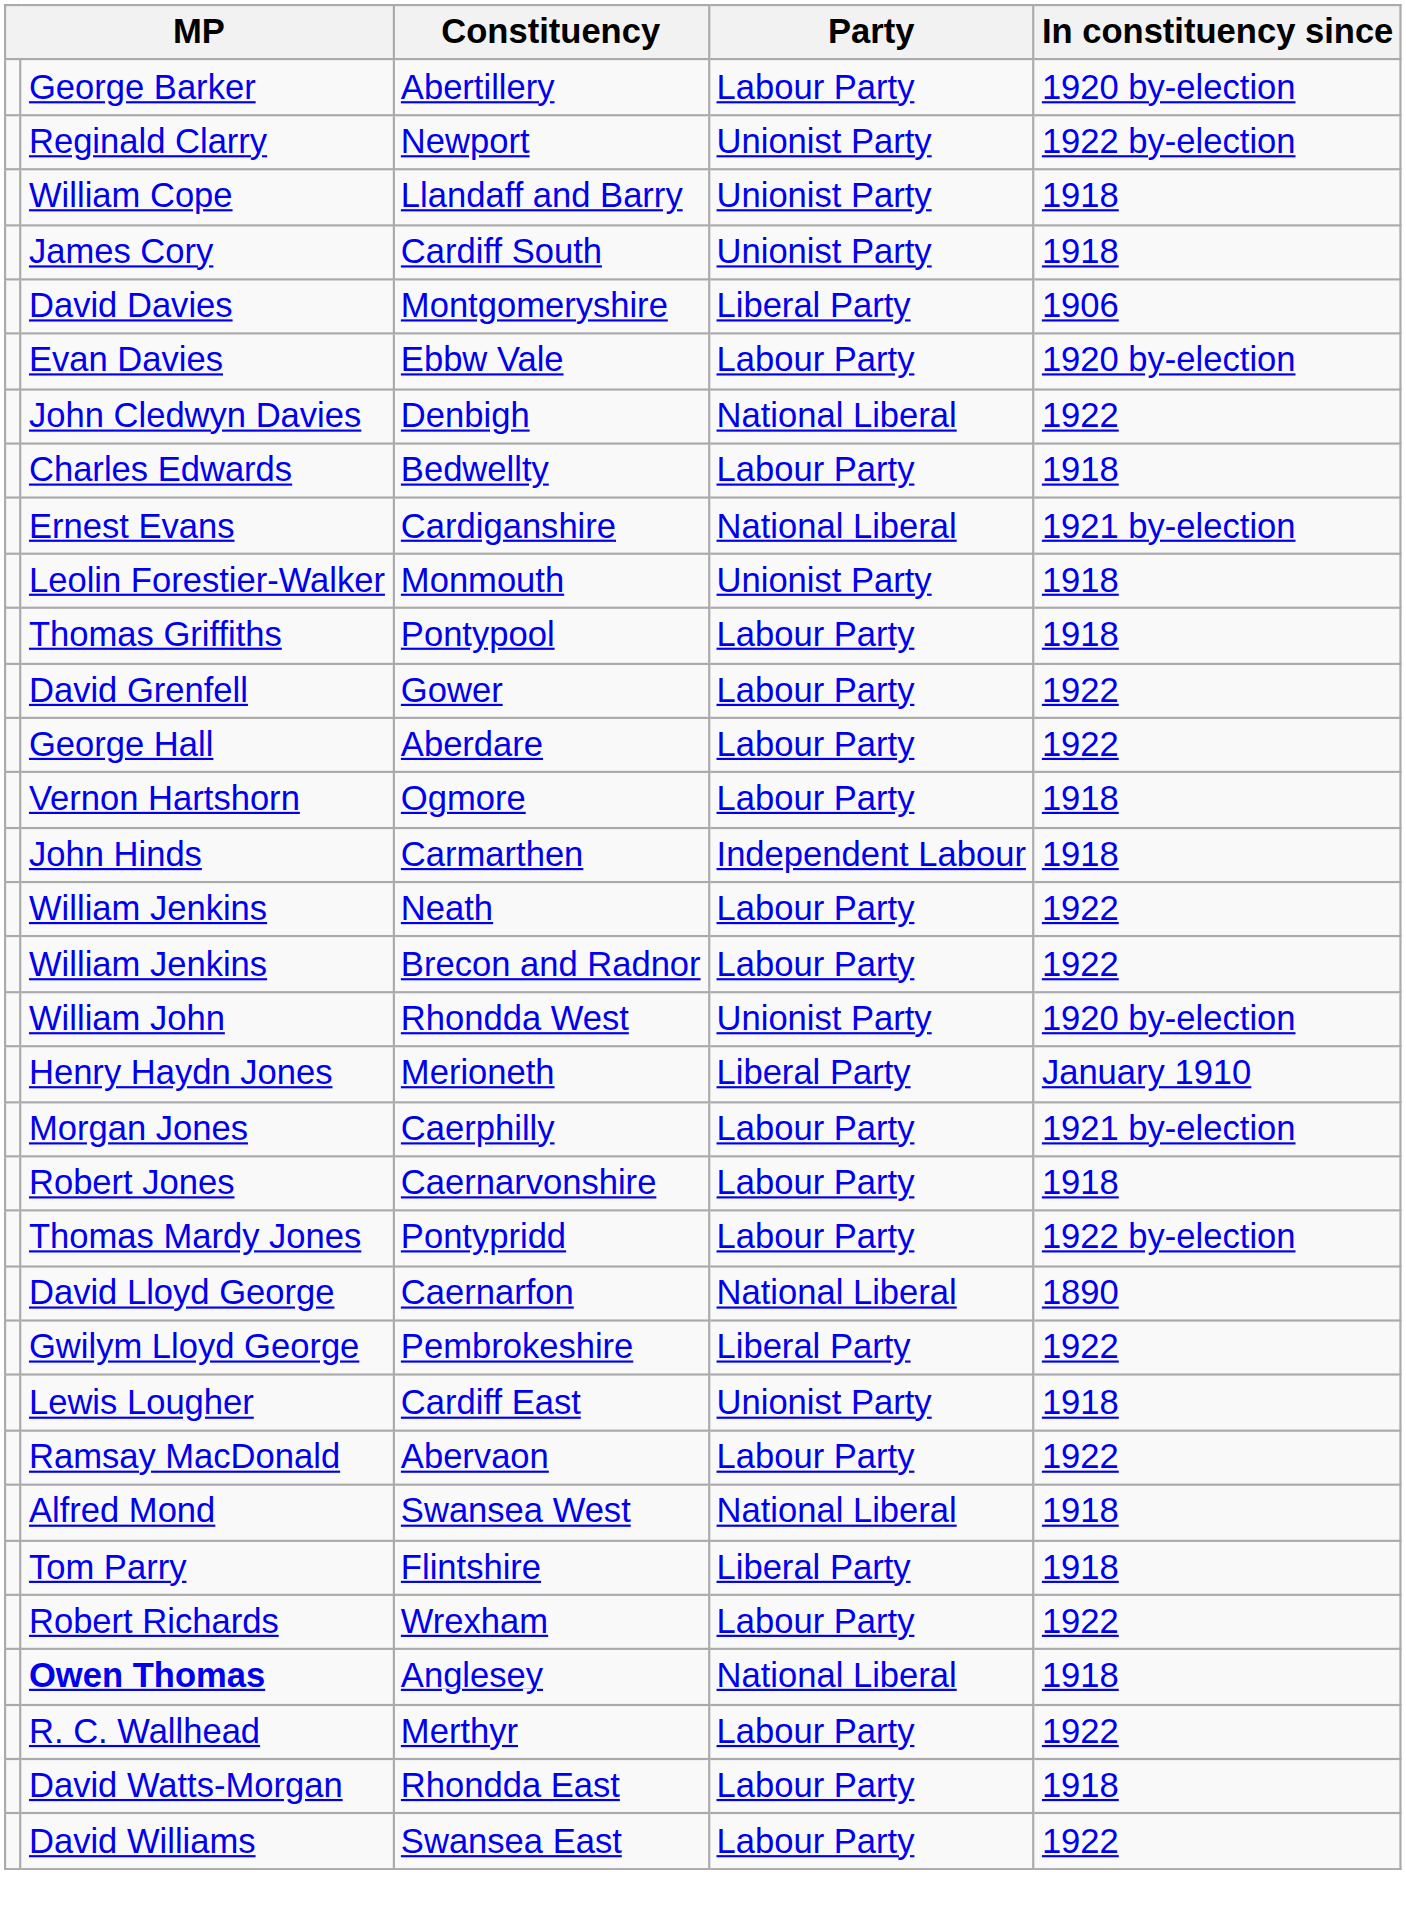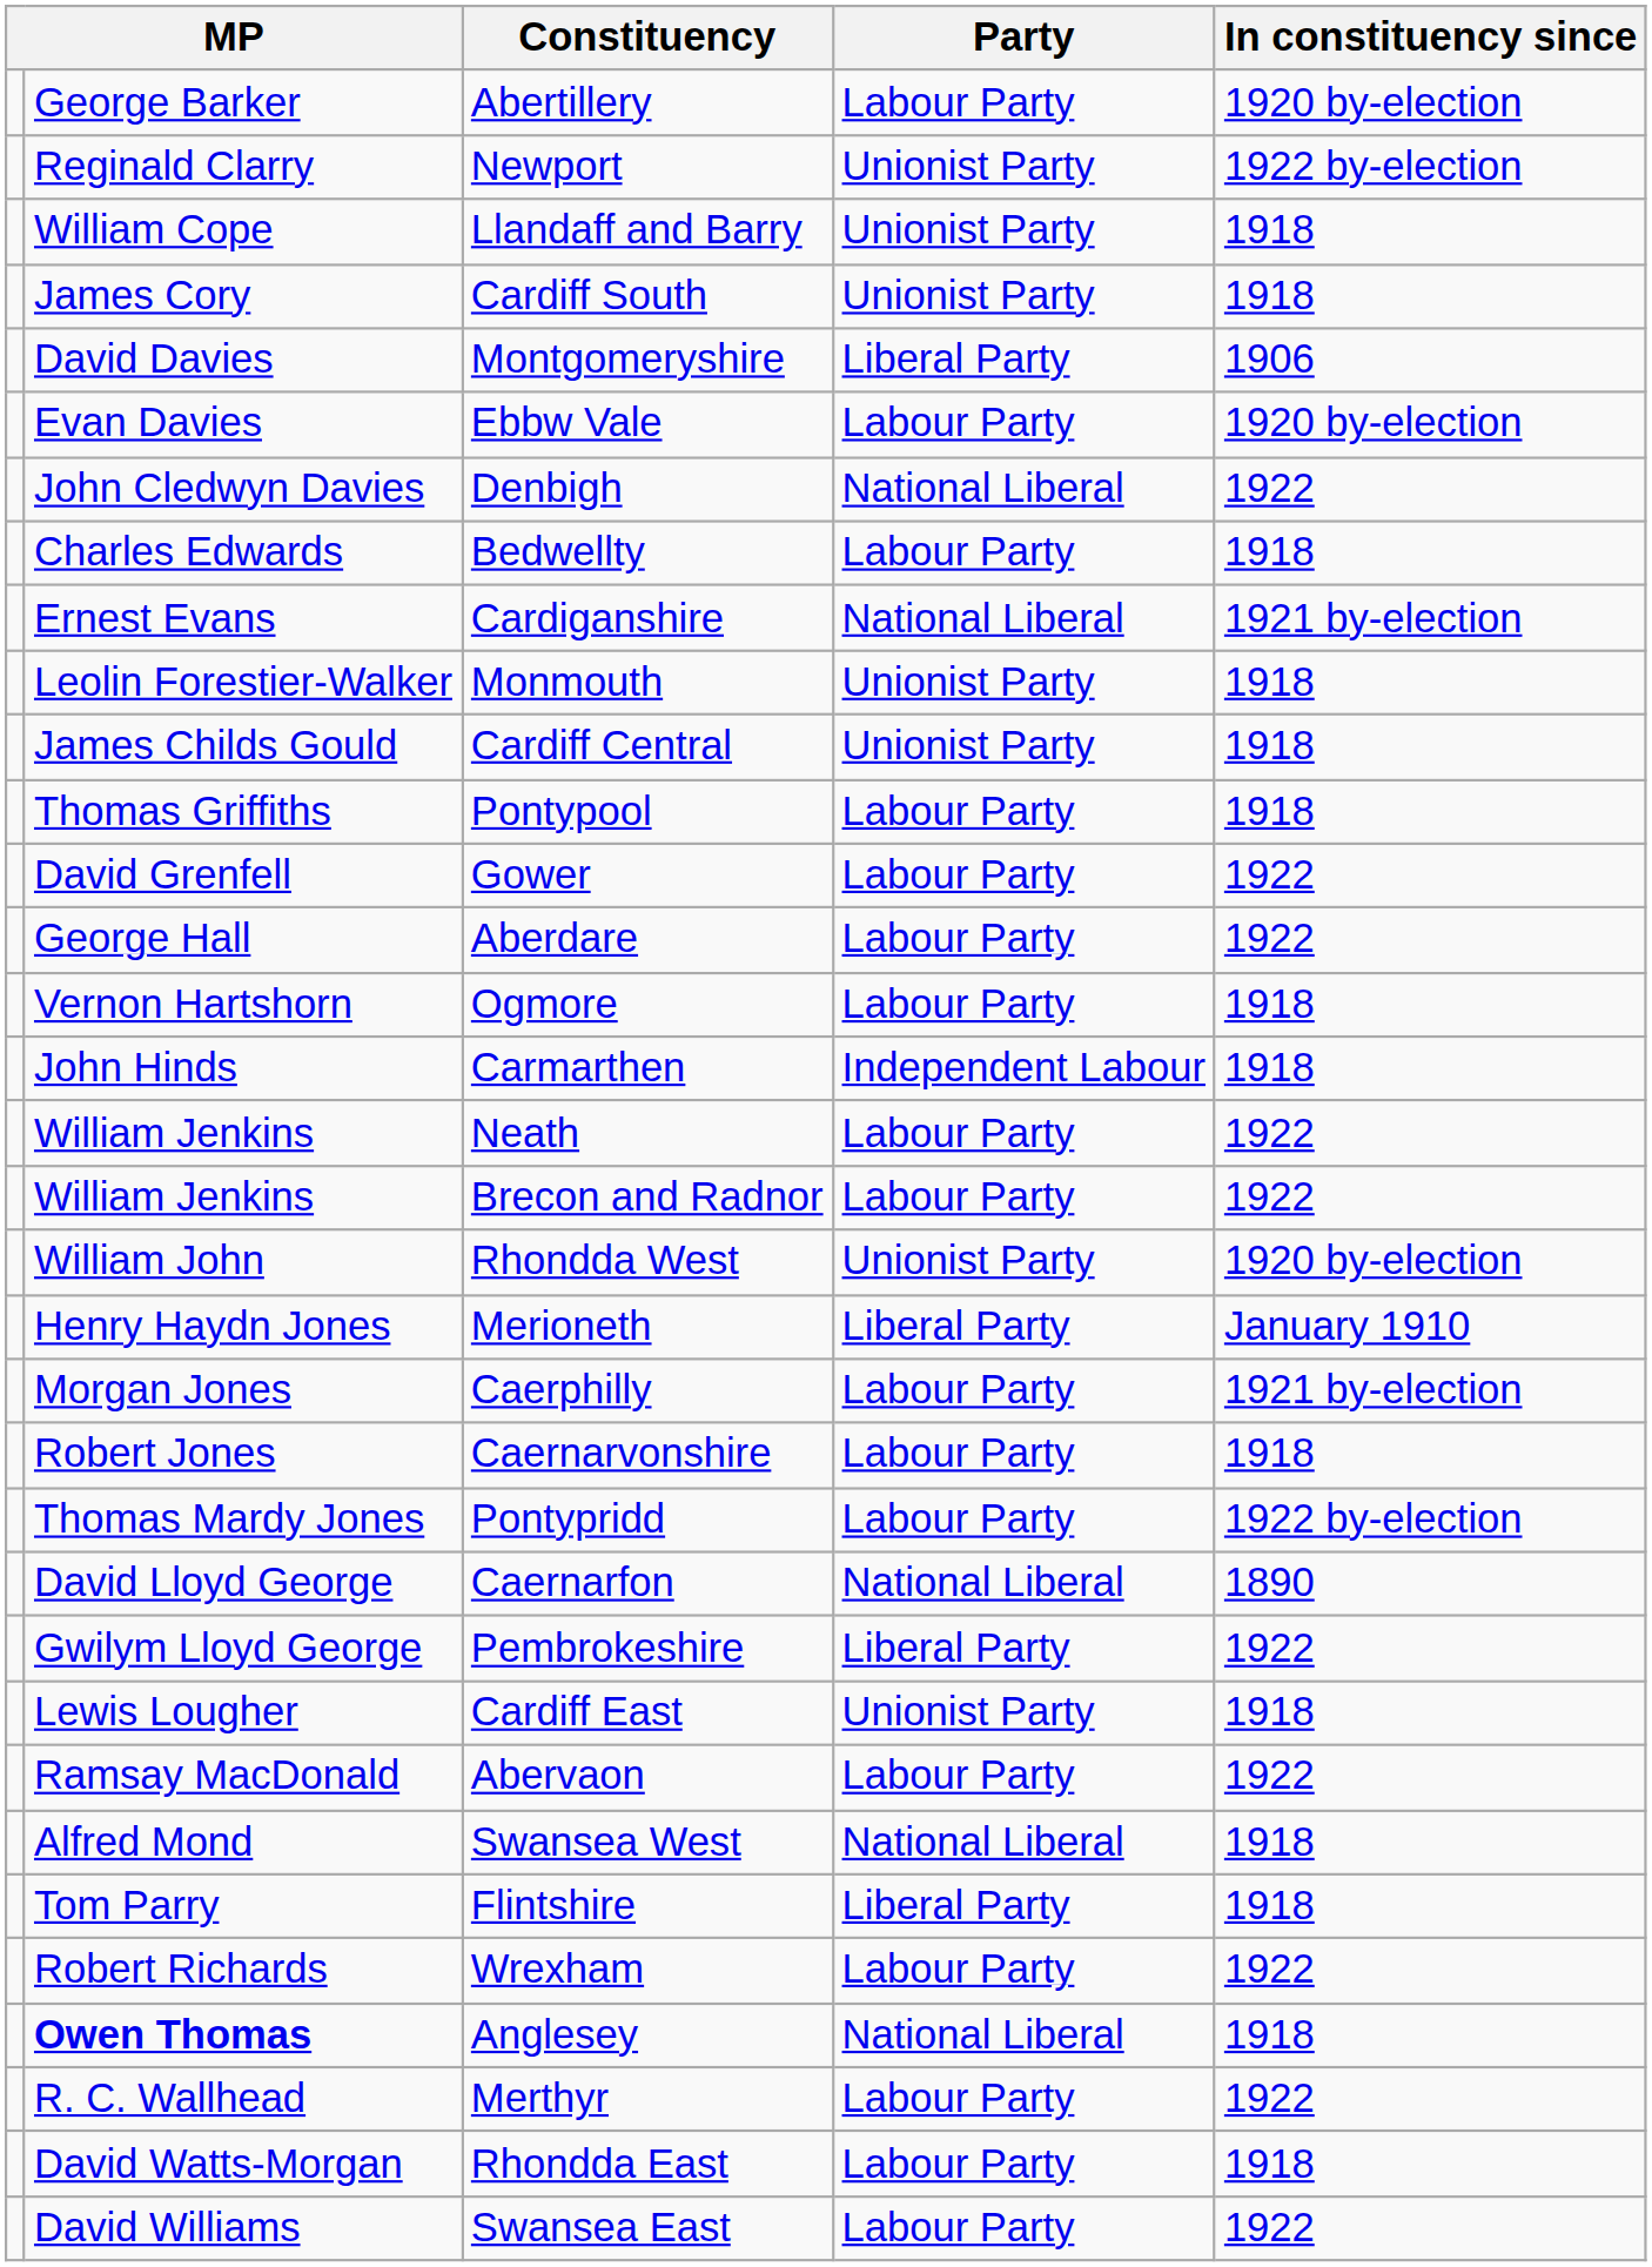 <table class="wikitable sortable">
 <tr>
 <th colspan="2">MP</th>
 <th>Constituency</th>
 <th>Party</th>
 <th>In constituency since</th>
 </tr>
 <tr>
 <td style="color:inherit;background-color: "></td>
 <td><a href='#'>George Barker</a></td>
 <td><a href='#'>Abertillery</a></td>
 <td><a href='#'>Labour Party</a></td>
 <td><a href='#'>1920 by-election</a></td>
 </tr>
 <tr>
 <td style="color:inherit;background-color: "></td>
 <td><a href='#'>Reginald Clarry</a></td>
 <td><a href='#'>Newport</a></td>
 <td><a href='#'>Unionist Party</a></td>
 <td><a href='#'>1922 by-election</a></td>
 </tr>
 <tr>
 <td style="color:inherit;background-color: "></td>
 <td><a href='#'>William Cope</a></td>
 <td><a href='#'>Llandaff and Barry</a></td>
 <td><a href='#'>Unionist Party</a></td>
 <td><a href='#'>1918</a></td>
 </tr>
 <tr>
 <td style="color:inherit;background-color: "></td>
 <td><a href='#'>James Cory</a></td>
 <td><a href='#'>Cardiff South</a></td>
 <td><a href='#'>Unionist Party</a></td>
 <td><a href='#'>1918</a></td>
 </tr>
 <tr>
 <td style="color:inherit;background-color: "></td>
 <td><a href='#'>David Davies</a></td>
 <td><a href='#'>Montgomeryshire</a></td>
 <td><a href='#'>Liberal Party</a></td>
 <td><a href='#'>1906</a></td>
 </tr>
 <tr>
 <td style="color:inherit;background-color: "></td>
 <td><a href='#'>Evan Davies</a></td>
 <td><a href='#'>Ebbw Vale</a></td>
 <td><a href='#'>Labour Party</a></td>
 <td><a href='#'>1920 by-election</a></td>
 </tr>
 <tr>
 <td style="color:inherit;background-color: "></td>
 <td><a href='#'>John Cledwyn Davies</a></td>
 <td><a href='#'>Denbigh</a></td>
 <td><a href='#'>National Liberal</a></td>
 <td><a href='#'>1922</a></td>
 </tr>
 <tr>
 <td style="color:inherit;background-color: "></td>
 <td><a href='#'>Charles Edwards</a></td>
 <td><a href='#'>Bedwellty</a></td>
 <td><a href='#'>Labour Party</a></td>
 <td><a href='#'>1918</a></td>
 </tr>
 <tr>
 <td style="color:inherit;background-color: "></td>
 <td><a href='#'>Ernest Evans</a></td>
 <td><a href='#'>Cardiganshire</a></td>
 <td><a href='#'>National Liberal</a></td>
 <td><a href='#'>1921 by-election</a></td>
 </tr>
 <tr>
 <td style="color:inherit;background-color: "></td>
 <td><a href='#'>Leolin Forestier-Walker</a></td>
 <td><a href='#'>Monmouth</a></td>
+<td><a href='#'>Unionist Party</a></td>
+<td><a href='#'>1918</a></td>
+</tr>
+<tr>
+<td style="color:inherit;background-color: "></td>
+<td><a href='#'>James Childs Gould</a></td>
+<td><a href='#'>Cardiff Central</a></td>
 <td><a href='#'>Unionist Party</a></td>
 <td><a href='#'>1918</a></td>
 </tr>
 <tr>
 <td style="color:inherit;background-color: "></td>
 <td><a href='#'>Thomas Griffiths</a></td>
 <td><a href='#'>Pontypool</a></td>
 <td><a href='#'>Labour Party</a></td>
 <td><a href='#'>1918</a></td>
 </tr>
 <tr>
 <td style="color:inherit;background-color: "></td>
 <td><a href='#'>David Grenfell</a></td>
 <td><a href='#'>Gower</a></td>
 <td><a href='#'>Labour Party</a></td>
 <td><a href='#'>1922</a></td>
 </tr>
 <tr>
 <td style="color:inherit;background-color: "></td>
 <td><a href='#'>George Hall</a></td>
 <td><a href='#'>Aberdare</a></td>
 <td><a href='#'>Labour Party</a></td>
 <td><a href='#'>1922</a></td>
 </tr>
 <tr>
 <td style="color:inherit;background-color: "></td>
 <td><a href='#'>Vernon Hartshorn</a></td>
 <td><a href='#'>Ogmore</a></td>
 <td><a href='#'>Labour Party</a></td>
 <td><a href='#'>1918</a></td>
 </tr>
 <tr>
 <td style="color:inherit;background-color: "></td>
 <td><a href='#'>John Hinds</a></td>
 <td><a href='#'>Carmarthen</a></td>
 <td><a href='#'>Independent Labour</a></td>
 <td><a href='#'>1918</a></td>
 </tr>
 <tr>
 <td style="color:inherit;background-color: "></td>
 <td><a href='#'>William Jenkins</a></td>
 <td><a href='#'>Neath</a></td>
 <td><a href='#'>Labour Party</a></td>
 <td><a href='#'>1922</a></td>
 </tr>
 <tr>
 <td style="color:inherit;background-color: "></td>
 <td><a href='#'>William Jenkins</a></td>
 <td><a href='#'>Brecon and Radnor</a></td>
 <td><a href='#'>Labour Party</a></td>
 <td><a href='#'>1922</a></td>
 </tr>
 <tr>
 <td style="color:inherit;background-color: "></td>
 <td><a href='#'>William John</a></td>
 <td><a href='#'>Rhondda West</a></td>
 <td><a href='#'>Unionist Party</a></td>
 <td><a href='#'>1920 by-election</a></td>
 </tr>
 <tr>
 <td style="color:inherit;background-color: "></td>
 <td><a href='#'>Henry Haydn Jones</a></td>
 <td><a href='#'>Merioneth</a></td>
 <td><a href='#'>Liberal Party</a></td>
 <td><a href='#'>January 1910</a></td>
 </tr>
 <tr>
 <td style="color:inherit;background-color: "></td>
 <td><a href='#'>Morgan Jones</a></td>
 <td><a href='#'>Caerphilly</a></td>
 <td><a href='#'>Labour Party</a></td>
 <td><a href='#'>1921 by-election</a></td>
 </tr>
 <tr>
 <td style="color:inherit;background-color: "></td>
 <td><a href='#'>Robert Jones</a></td>
 <td><a href='#'>Caernarvonshire</a></td>
 <td><a href='#'>Labour Party</a></td>
 <td><a href='#'>1918</a></td>
 </tr>
 <tr>
 <td style="color:inherit;background-color: "></td>
 <td><a href='#'>Thomas Mardy Jones</a></td>
 <td><a href='#'>Pontypridd</a></td>
 <td><a href='#'>Labour Party</a></td>
 <td><a href='#'>1922 by-election</a></td>
 </tr>
 <tr>
 <td style="color:inherit;background-color: "></td>
 <td><a href='#'>David Lloyd George</a></td>
 <td><a href='#'>Caernarfon</a></td>
 <td><a href='#'>National Liberal</a></td>
 <td><a href='#'>1890</a></td>
 </tr>
 <tr>
 <td style="color:inherit;background-color: "></td>
 <td><a href='#'>Gwilym Lloyd George</a></td>
 <td><a href='#'>Pembrokeshire</a></td>
 <td><a href='#'>Liberal Party</a></td>
 <td><a href='#'>1922</a></td>
 </tr>
 <tr>
 <td style="color:inherit;background-color: "></td>
 <td><a href='#'>Lewis Lougher</a></td>
 <td><a href='#'>Cardiff East</a></td>
 <td><a href='#'>Unionist Party</a></td>
 <td><a href='#'>1918</a></td>
 </tr>
 <tr>
 <td style="color:inherit;background-color: "></td>
 <td><a href='#'>Ramsay MacDonald</a></td>
 <td><a href='#'>Abervaon</a></td>
 <td><a href='#'>Labour Party</a></td>
 <td><a href='#'>1922</a></td>
 </tr>
 <tr>
 <td style="color:inherit;background-color: "></td>
 <td><a href='#'>Alfred Mond</a></td>
 <td><a href='#'>Swansea West</a></td>
 <td><a href='#'>National Liberal</a></td>
 <td><a href='#'>1918</a></td>
 </tr>
 <tr>
 <td style="color:inherit;background-color: "></td>
 <td><a href='#'>Tom Parry</a></td>
 <td><a href='#'>Flintshire</a></td>
 <td><a href='#'>Liberal Party</a></td>
 <td><a href='#'>1918</a></td>
 </tr>
 <tr>
 <td style="color:inherit;background-color: "></td>
 <td><a href='#'>Robert Richards</a></td>
 <td><a href='#'>Wrexham</a></td>
 <td><a href='#'>Labour Party</a></td>
 <td><a href='#'>1922</a></td>
 </tr>
 <tr>
 <td style="color:inherit;background-color: "></td>
 <td><strong><a href='#'>Owen Thomas</a></strong></td>
 <td><a href='#'>Anglesey</a></td>
 <td><a href='#'>National Liberal</a></td>
 <td><a href='#'>1918</a></td>
 </tr>
 <tr>
 <td style="color:inherit;background-color: "></td>
 <td><a href='#'>R. C. Wallhead</a></td>
 <td><a href='#'>Merthyr</a></td>
 <td><a href='#'>Labour Party</a></td>
 <td><a href='#'>1922</a></td>
 </tr>
 <tr>
 <td style="color:inherit;background-color: "></td>
 <td><a href='#'>David Watts-Morgan</a></td>
 <td><a href='#'>Rhondda East</a></td>
 <td><a href='#'>Labour Party</a></td>
 <td><a href='#'>1918</a></td>
 </tr>
 <tr>
 <td style="color:inherit;background-color: "></td>
 <td><a href='#'>David Williams</a></td>
 <td><a href='#'>Swansea East</a></td>
 <td><a href='#'>Labour Party</a></td>
 <td><a href='#'>1922</a></td>
 </tr>
 </table>
